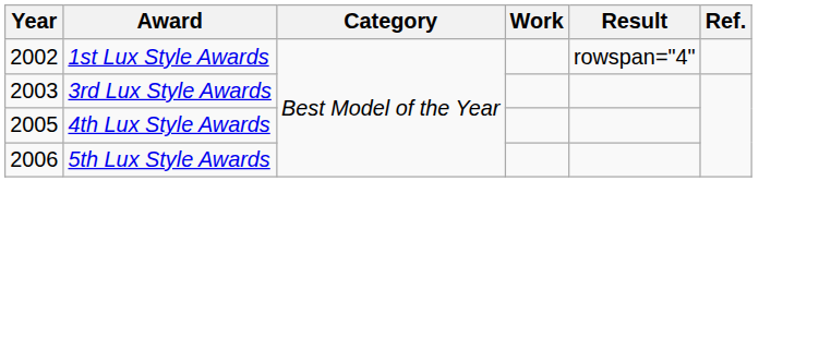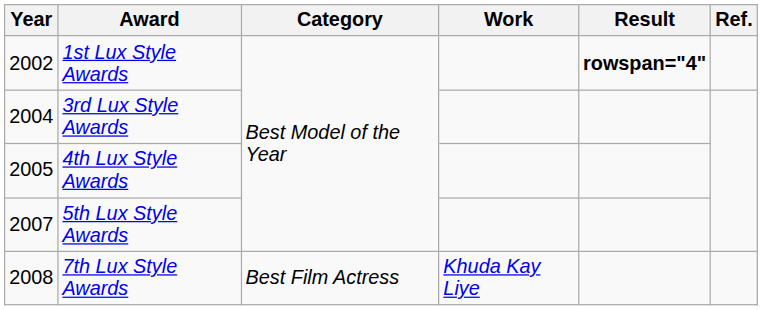 <table class="wikitable style">
 <tr>
 <th>Year</th>
 <th>Award</th>
 <th>Category</th>
 <th>Work</th>
 <th>Result</th>
 <th>Ref.</th>
 </tr>
 <tr>
 <td>2002</td>
 <td><em><a href='#'>1st Lux Style Awards</a></em></td>
 <td rowspan="4"><em>Best Model of the Year</em></td>
 <td></td>
-<td>rowspan="4" </td>
+<td><strong>rowspan="4" </strong></td>
 <td></td>
 </tr>
 <tr>
-<td>2003</td>
+<td>2004</td>
 <td><em><a href='#'>3rd Lux Style Awards</a></em></td>
 <td></td>
 <td></td>
 </tr>
 <tr>
 <td>2005</td>
 <td><em><a href='#'>4th Lux Style Awards</a></em></td>
 <td></td>
 <td></td>
 </tr>
 <tr>
-<td>2006</td>
+<td>2007</td>
 <td><em><a href='#'>5th Lux Style Awards</a></em></td>
 <td></td>
 <td></td>
 </tr>
+<tr>
+<td>2008</td>
+<td><em><a href='#'>7th Lux Style Awards</a></em></td>
+<td><em>Best Film Actress</em></td>
+<td><em><a href='#'>Khuda Kay Liye</a></em></td>
+<td></td>
+<td></td>
+</tr>
 </table>
